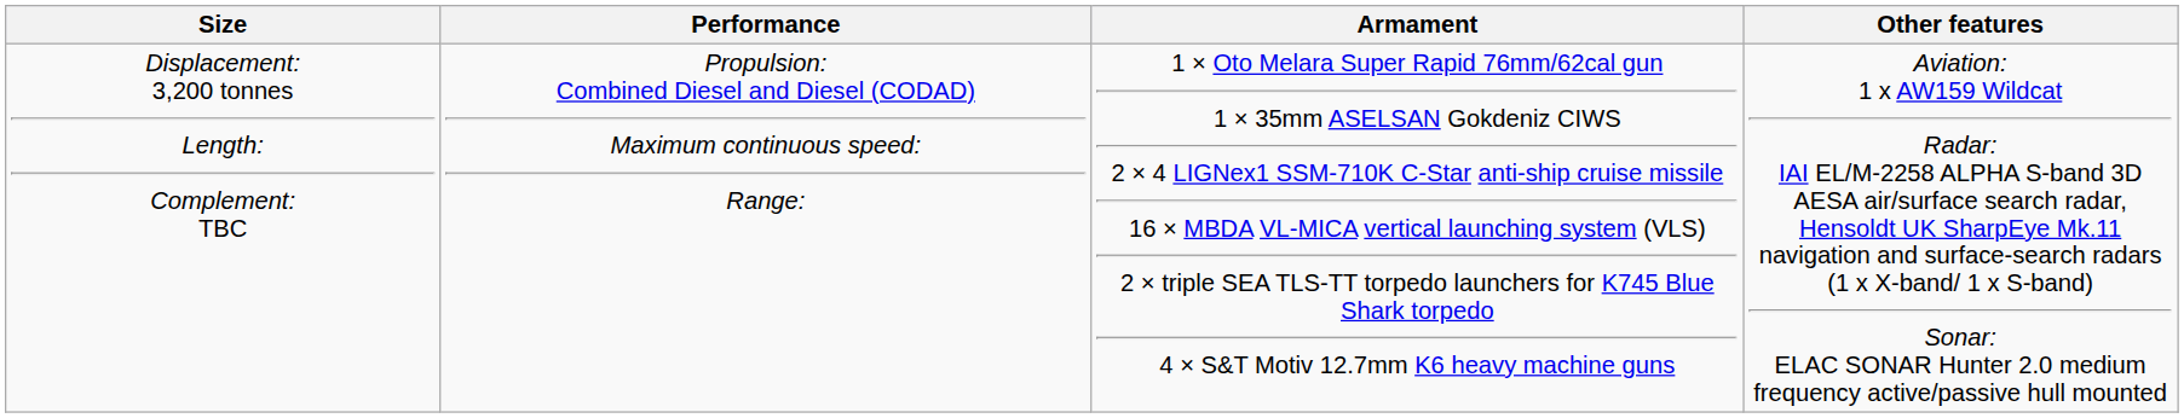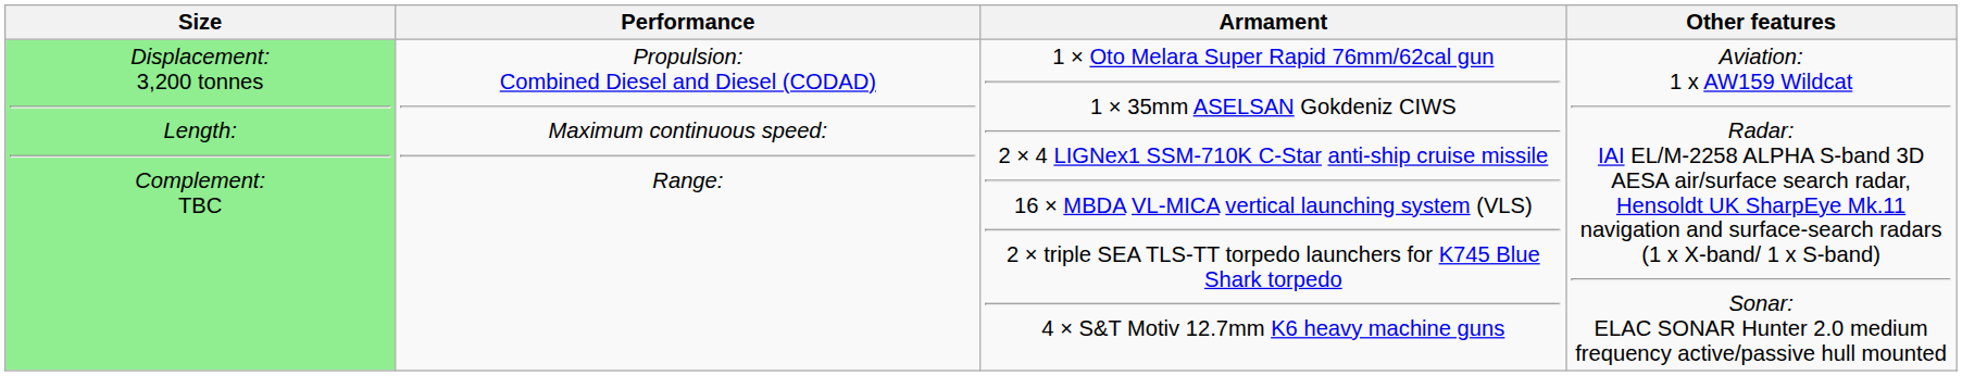 <table class="wikitable"  style="width:90%; text-align:center;">
 <tr style="background:lavender;">
 <th>Size</th>
 <th>Performance</th>
 <th>Armament</th>
 <th>Other features</th>
 </tr>
 <tr>
-<td style="vertical-align:top; width:20%;"><em>Displacement:</em><br>3,200 tonnes <hr><em>Length:</em><br> <hr><em>Complement:</em><br>TBC</td>
+<td style="background: lightgreen; vertical-align:top; width:20%;"><em>Displacement:</em><br>3,200 tonnes <hr><em>Length:</em><br> <hr><em>Complement:</em><br>TBC</td>
 <td style="vertical-align:top; width:30%;"><em>Propulsion:</em><br><a href='#'>Combined Diesel and Diesel (CODAD)</a> <hr><em>Maximum continuous speed:</em><br> <hr><em>Range:</em><br></td>
 <td style="vertical-align:top; width:30%;">1 × <a href='#'>Oto Melara Super Rapid 76mm/62cal gun</a> <hr>1 × 35mm <a href='#'>ASELSAN</a> Gokdeniz CIWS <hr>2 × 4 <a href='#'>LIGNex1 SSM-710K C-Star</a> <a href='#'>anti-ship cruise missile</a> <hr>16 × <a href='#'>MBDA</a> <a href='#'>VL-MICA</a> <a href='#'>vertical launching system</a> (VLS) <hr>2 × triple SEA TLS-TT torpedo launchers for <a href='#'>K745 Blue Shark torpedo</a> <hr>4 × S&T Motiv 12.7mm <a href='#'>K6 heavy machine guns</a></td>
 <td style="vertical-align:top; width:20%;"><em>Aviation:</em><br>1 x <a href='#'>AW159 Wildcat</a><hr><em>Radar:</em><br><a href='#'>IAI</a> EL/M-2258 ALPHA S-band 3D AESA air/surface search radar,<br><a href='#'>Hensoldt UK SharpEye Mk.11</a> navigation and surface-search radars (1 x X-band/ 1 x S-band)<hr><em>Sonar:</em><br>ELAC SONAR Hunter 2.0 medium frequency active/passive hull mounted</td>
 </tr>
 </table>
